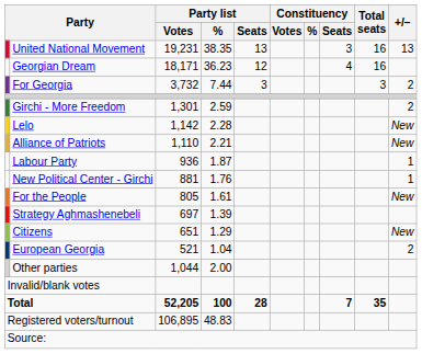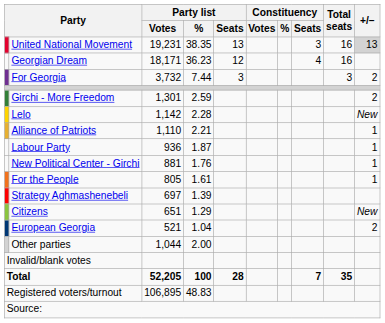 <table class="wikitable" style="text-align:right">
 <tr>
 <th colspan="2" rowspan="2">Party</th>
 <th colspan="3">Party list</th>
 <th colspan="3">Constituency</th>
 <th rowspan="2">Total<br>seats</th>
 <th rowspan="2">+/–</th>
 </tr>
 <tr>
 <th>Votes</th>
 <th>%</th>
 <th>Seats</th>
 <th>Votes</th>
 <th>%</th>
 <th>Seats</th>
 </tr>
 <tr>
 <td style="background-color: #e4012e;"></td>
 <td align=left><a href='#'>United National Movement</a></td>
 <td>19,231</td>
 <td>38.35</td>
 <td>13</td>
 <td></td>
 <td></td>
 <td>3</td>
 <td>16</td>
-<td> 13</td>
+<td style="background: lightgrey;"> 13</td>
 </tr>
 <tr>
 <td style="background-color: "></td>
 <td align=left><a href='#'>Georgian Dream</a></td>
 <td>18,171</td>
 <td>36.23</td>
 <td>12</td>
 <td></td>
 <td></td>
 <td>4</td>
 <td>16</td>
 <td></td>
 </tr>
 <tr>
 <td style="background-color: #702F92"></td>
 <td align=left><a href='#'>For Georgia</a></td>
 <td>3,732</td>
 <td>7.44</td>
 <td>3</td>
 <td></td>
 <td></td>
 <td></td>
 <td>3</td>
 <td> 2</td>
 </tr>
 <tr>
 <td colspan=10 bgcolor=lightgrey></td>
 </tr>
 <tr>
 <td style="background-color: #327F37"></td>
 <td align=left><a href='#'>Girchi - More Freedom</a></td>
 <td>1,301</td>
 <td>2.59</td>
 <td></td>
 <td></td>
 <td></td>
 <td></td>
 <td></td>
 <td> 2</td>
 </tr>
 <tr>
 <td style="background-color: #FFD400"></td>
 <td align=left><a href='#'>Lelo</a></td>
 <td>1,142</td>
 <td>2.28</td>
 <td></td>
 <td></td>
 <td></td>
 <td></td>
 <td></td>
 <td><em>New</em></td>
 </tr>
 <tr>
 <td style="background-color: #E7B031"></td>
 <td align=left><a href='#'>Alliance of Patriots</a></td>
 <td>1,110</td>
 <td>2.21</td>
 <td></td>
 <td></td>
 <td></td>
 <td></td>
 <td></td>
-<td><em>New</em></td>
+<td> 1</td>
 </tr>
 <tr>
 <td style="background-color: "></td>
 <td align=left><a href='#'>Labour Party</a></td>
 <td>936</td>
 <td>1.87</td>
 <td></td>
 <td></td>
 <td></td>
 <td></td>
 <td></td>
 <td> 1</td>
 </tr>
 <tr>
 <td style="background-color: "></td>
 <td align=left><a href='#'>New Political Center - Girchi</a></td>
 <td>881</td>
 <td>1.76</td>
 <td></td>
 <td></td>
 <td></td>
 <td></td>
 <td></td>
 <td> 1</td>
 </tr>
 <tr>
 <td style="background-color:#F2721D"></td>
 <td align=left><a href='#'>For the People</a></td>
 <td>805</td>
 <td>1.61</td>
 <td></td>
 <td></td>
 <td></td>
 <td></td>
 <td></td>
-<td><em>New</em></td>
+<td> 1</td>
 </tr>
 <tr>
 <td bgcolor=#ff0000></td>
 <td align=left><a href='#'>Strategy Aghmashenebeli</a></td>
 <td>697</td>
 <td>1.39</td>
 <td></td>
 <td></td>
 <td></td>
 <td></td>
 <td></td>
 <td></td>
 </tr>
 <tr>
 <td bgcolor=#8bc53e></td>
 <td align=left><a href='#'>Citizens</a></td>
 <td>651</td>
 <td>1.29</td>
 <td></td>
 <td></td>
 <td></td>
 <td></td>
 <td></td>
 <td><em>New</em></td>
 </tr>
 <tr>
 <td bgcolor=#003876></td>
 <td align=left><a href='#'>European Georgia</a><br></td>
 <td>521</td>
 <td>1.04</td>
 <td></td>
 <td></td>
 <td></td>
 <td></td>
 <td></td>
 <td> 2</td>
 </tr>
 <tr>
 <td style="background-color: #D3D3D3"></td>
 <td align=left>Other parties</td>
 <td>1,044</td>
 <td>2.00</td>
 <td></td>
 <td></td>
 <td></td>
 <td></td>
 <td></td>
 <td></td>
 </tr>
 <tr>
 <td colspan=2 align=left>Invalid/blank votes</td>
 <td></td>
 <td></td>
 <td></td>
 <td></td>
 <td></td>
 <td></td>
 <td></td>
 <td></td>
 </tr>
 <tr>
 <td colspan=2 align=left><strong>Total</strong></td>
 <td><strong>52,205</strong></td>
 <td><strong>100</strong></td>
 <td><strong>28</strong></td>
 <td></td>
 <td></td>
 <td><strong>7</strong></td>
 <td><strong>35</strong></td>
 <td></td>
 </tr>
 <tr>
 <td colspan=2 align=left>Registered voters/turnout</td>
 <td>106,895</td>
 <td>48.83</td>
 <td></td>
 <td></td>
 <td></td>
 <td></td>
 <td></td>
 </tr>
 <tr>
 <td align=left colspan=10>Source: </td>
 </tr>
 </table>
